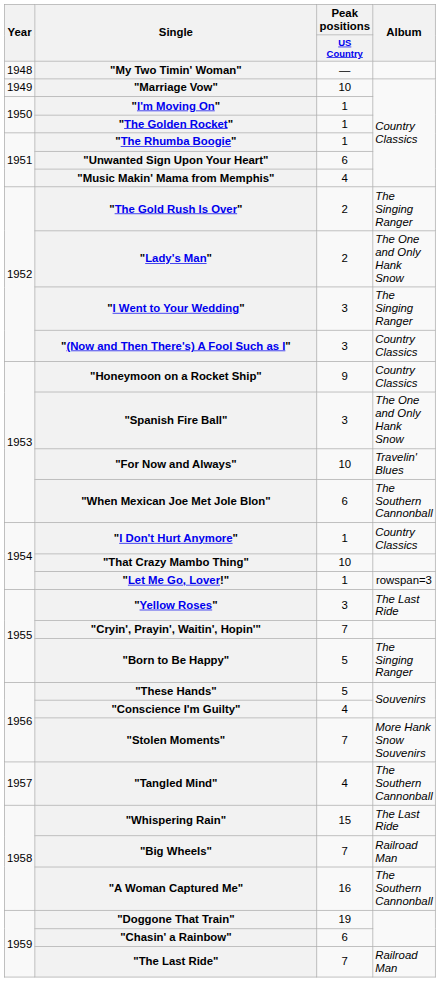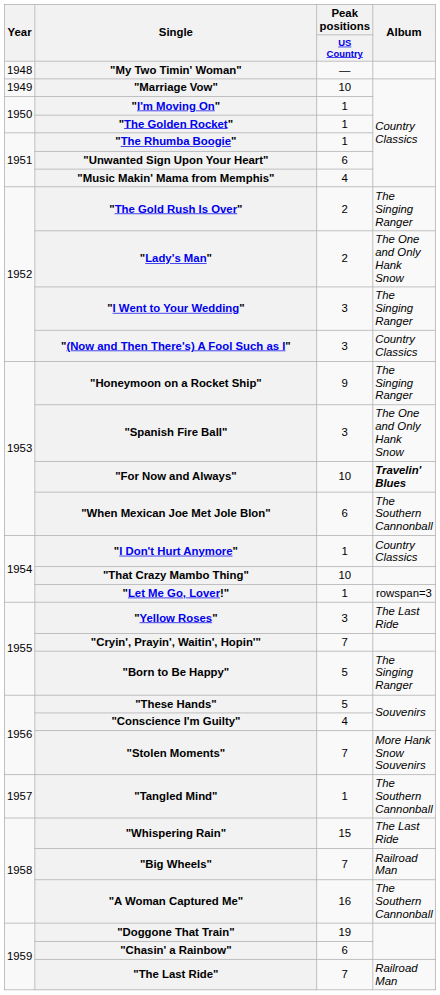 <table class="wikitable plainrowheaders" style="text-align:center;">
 <tr>
 <th rowspan="2">Year</th>
 <th rowspan="2" style="width:25em;">Single</th>
 <th>Peak<br>positions</th>
 <th rowspan="2">Album</th>
 </tr>
 <tr style="font-size:smaller;">
 <th width="45"><a href='#'>US Country</a><br></th>
 </tr>
 <tr>
 <td>1948</td>
 <th scope="row">"My Two Timin' Woman"</th>
 <td>—</td>
 <td></td>
 </tr>
 <tr>
 <td>1949</td>
 <th scope="row">"Marriage Vow"</th>
 <td>10</td>
 <td align="left" rowspan=6><em>Country Classics</em> </td>
 </tr>
 <tr>
 <td rowspan=2>1950</td>
 <th scope="row">"<a href='#'>I'm Moving On</a>"</th>
 <td>1</td>
 </tr>
 <tr>
 <th scope="row">"<a href='#'>The Golden Rocket</a>"</th>
 <td>1</td>
 </tr>
 <tr>
 <td rowspan=3>1951</td>
 <th scope="row">"<a href='#'>The Rhumba Boogie</a>"</th>
 <td>1</td>
 </tr>
 <tr>
 <th scope="row">"Unwanted Sign Upon Your Heart"</th>
 <td>6</td>
 </tr>
 <tr>
 <th scope="row">"Music Makin' Mama from Memphis"</th>
 <td>4</td>
 </tr>
 <tr>
 <td rowspan=4>1952</td>
 <th scope="row">"<a href='#'>The Gold Rush Is Over</a>"</th>
 <td>2</td>
 <td align="left"><em>The Singing Ranger</em></td>
 </tr>
 <tr>
 <th scope="row">"<a href='#'>Lady's Man</a>"</th>
 <td>2</td>
 <td align="left"><em>The One and Only Hank Snow</em></td>
 </tr>
 <tr>
 <th scope="row">"<a href='#'>I Went to Your Wedding</a>"</th>
 <td>3</td>
 <td align="left"><em>The Singing Ranger</em></td>
 </tr>
 <tr>
 <th scope="row">"<a href='#'>(Now and Then There's) A Fool Such as I</a>"</th>
 <td>3</td>
 <td align="left"><em>Country Classics</em> </td>
 </tr>
 <tr>
 <td rowspan=4>1953</td>
 <th scope="row">"Honeymoon on a Rocket Ship"</th>
 <td>9</td>
-<td align="left"><em>Country Classics</em> </td>
+<td align="left"><em>The Singing Ranger</em></td>
 </tr>
 <tr>
 <th scope="row">"Spanish Fire Ball"</th>
 <td>3</td>
 <td align="left"><em>The One and Only Hank Snow</em></td>
 </tr>
 <tr>
 <th scope="row">"For Now and Always"</th>
 <td>10</td>
-<td align="left"><em>Travelin' Blues</em></td>
+<td align="left"><strong><em>Travelin' Blues</em></strong></td>
 </tr>
 <tr>
 <th scope="row">"When Mexican Joe Met Jole Blon"</th>
 <td>6</td>
 <td align="left"><em>The Southern Cannonball</em></td>
 </tr>
 <tr>
 <td rowspan=3>1954</td>
 <th scope="row">"<a href='#'>I Don't Hurt Anymore</a>"</th>
 <td>1</td>
 <td align="left"><em>Country Classics</em> </td>
 </tr>
 <tr>
 <th scope="row">"That Crazy Mambo Thing"</th>
 <td>10</td>
 <td></td>
 </tr>
 <tr>
 <th scope="row">"<a href='#'>Let Me Go, Lover</a>!"</th>
 <td>1</td>
 <td>rowspan=3 </td>
 </tr>
 <tr>
 <td rowspan=3>1955</td>
 <th scope="row">"<a href='#'>Yellow Roses</a>"</th>
 <td>3</td>
 <td align="left"><em>The Last Ride</em></td>
 </tr>
 <tr>
 <th scope="row">"Cryin', Prayin', Waitin', Hopin'"</th>
 <td>7</td>
 <td></td>
 </tr>
 <tr>
 <th scope="row">"Born to Be Happy"</th>
 <td>5</td>
 <td align="left"><em>The Singing Ranger</em></td>
 </tr>
 <tr>
 <td rowspan=3>1956</td>
 <th scope="row">"These Hands"</th>
 <td>5</td>
 <td align="left" rowspan=2><em>Souvenirs</em></td>
 </tr>
 <tr>
 <th scope="row">"Conscience I'm Guilty"</th>
 <td>4</td>
 </tr>
 <tr>
 <th scope="row">"Stolen Moments"</th>
 <td>7</td>
 <td align="left"><em>More Hank Snow Souvenirs</em></td>
 </tr>
 <tr>
 <td>1957</td>
 <th scope="row">"Tangled Mind"</th>
-<td>4</td>
+<td>1</td>
 <td align="left"><em>The Southern Cannonball</em></td>
 </tr>
 <tr>
 <td rowspan=3>1958</td>
 <th scope="row">"Whispering Rain"</th>
 <td>15</td>
 <td align="left"><em>The Last Ride</em></td>
 </tr>
 <tr>
 <th scope="row">"Big Wheels"</th>
 <td>7</td>
 <td align="left"><em>Railroad Man</em></td>
 </tr>
 <tr>
 <th scope="row">"A Woman Captured Me"</th>
 <td>16</td>
 <td align="left"><em>The Southern Cannonball</em></td>
 </tr>
 <tr>
 <td rowspan=3>1959</td>
 <th scope="row">"Doggone That Train"</th>
 <td>19</td>
 </tr>
 <tr>
 <th scope="row">"Chasin' a Rainbow"</th>
 <td>6</td>
 </tr>
 <tr>
 <th scope="row">"The Last Ride"</th>
 <td>7</td>
 <td align="left"><em>Railroad Man</em></td>
 </tr>
 </table>
